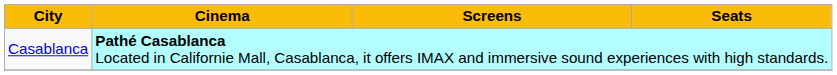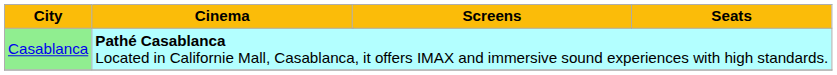 <table class="wikitable sortable mw-collapsible mw-collapsed">
 <tr>
 <th style="background: #FBBC09;">City</th>
 <th colspan="2" style="background: #FBBC09;">Cinema</th>
 <th style="background: #FBBC09;">Screens</th>
 <th style="background: #FBBC09;">Seats</th>
 </tr>
 <tr>
-<td><a href='#'>Casablanca</a></td>
+<td style="background: lightgreen;"><a href='#'>Casablanca</a></td>
 <td colspan="4" style="background: #B3FFFF;"><strong>Pathé Casablanca</strong><br>Located in Californie Mall, Casablanca, it offers IMAX and immersive sound experiences with high standards.</td>
 </tr>
 <tr>
 </tr>
 </table>
